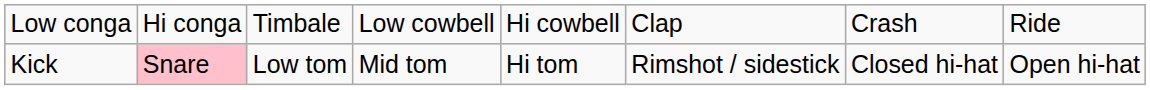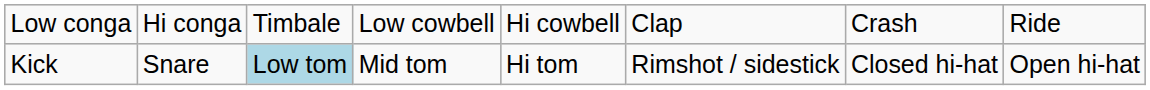 <table class="wikitable" border="1">
 <tr>
 <td>Low conga</td>
 <td>Hi conga</td>
 <td>Timbale</td>
 <td>Low cowbell</td>
 <td>Hi cowbell</td>
 <td>Clap</td>
 <td>Crash</td>
 <td>Ride</td>
 </tr>
 <tr>
 <td>Kick</td>
-<td style="background: pink;">Snare</td>
-<td>Low tom</td>
+<td>Snare</td>
+<td style="background: lightblue;">Low tom</td>
 <td>Mid tom</td>
 <td>Hi tom</td>
 <td>Rimshot / sidestick</td>
 <td>Closed hi-hat</td>
 <td>Open hi-hat</td>
 </tr>
 </table>
